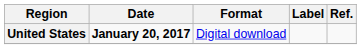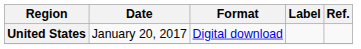 <table class="wikitable plainrowheaders">
 <tr>
 <th>Region</th>
 <th>Date</th>
 <th>Format</th>
 <th>Label</th>
 <th>Ref.</th>
 </tr>
 <tr>
 <th scope="row">United States</th>
-<td rowspan="1"><strong>January 20, 2017</strong></td>
+<td rowspan="1">January 20, 2017</td>
 <td rowspan="1"><a href='#'>Digital download</a></td>
 <td rowspan="1"></td>
 <td><br></td>
 </tr>
 <tr>
 </tr>
 </table>
